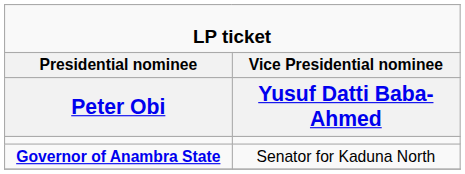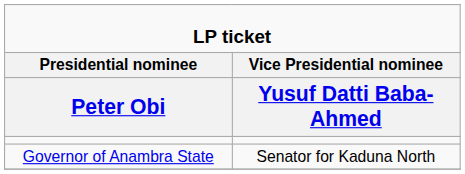 <table class="wikitable" style="font-size:90%; text-align:center;">
 <tr>
 <td colspan="5" style="background:"><br><big><strong>LP ticket</strong></big></td>
 </tr>
 <tr>
 <th>Presidential nominee</th>
 <th>Vice Presidential nominee</th>
 </tr>
 <tr>
 <th style="width:3em; font-size:135%; width:200px;"><a href='#'>Peter Obi</a></th>
 <th style="width:3em; font-size:135%; width:200px;"><a href='#'>Yusuf Datti Baba-Ahmed</a></th>
 </tr>
 <tr>
 <td></td>
 <td></td>
 </tr>
 <tr>
-<td><strong><a href='#'>Governor of Anambra State</a><br></strong></td>
+<td><a href='#'>Governor of Anambra State</a><br></td>
 <td>Senator for Kaduna North </td>
 </tr>
 <tr>
 </tr>
 </table>
